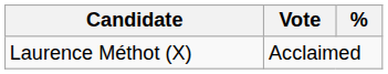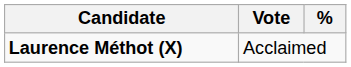 <table class="wikitable">
 <tr>
 <th bgcolor="#DDDDFF" width="200px">Candidate</th>
 <th bgcolor="#DDDDFF" width="50px">Vote</th>
 <th bgcolor="#DDDDFF" width="30px">%</th>
 </tr>
 <tr>
-<td>Laurence Méthot (X)</td>
+<td><strong>Laurence Méthot (X)</strong></td>
 <td colspan="2">Acclaimed</td>
 </tr>
 </table>
